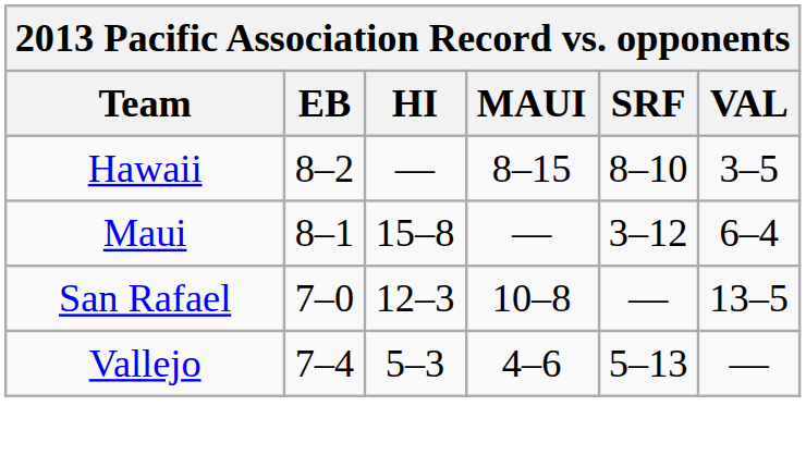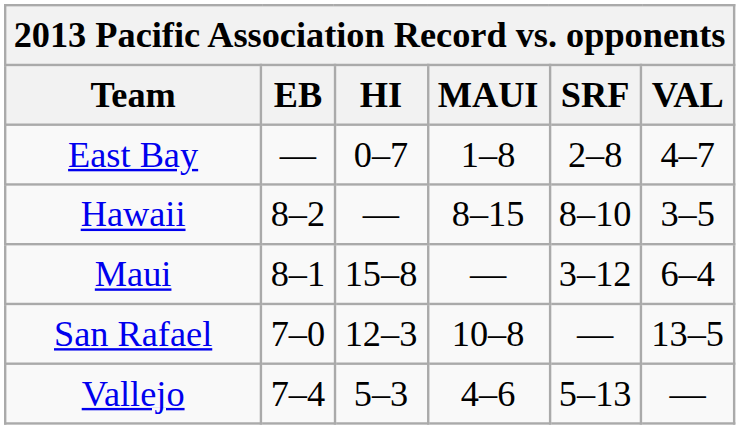 <table class="wikitable" style="font-size:95%; text-align:center;">
 <tr>
 <th colspan=6>2013 Pacific Association Record vs. opponents</th>
 </tr>
 <tr>
 <th style="width:100px;">Team</th>
 <th>EB</th>
 <th>HI</th>
 <th>MAUI</th>
 <th>SRF</th>
 <th>VAL</th>
+</tr>
+<tr>
+<td><a href='#'>East Bay</a></td>
+<td>—</td>
+<td>0–7</td>
+<td>1–8</td>
+<td>2–8</td>
+<td>4–7</td>
 </tr>
 <tr>
 <td><a href='#'>Hawaii</a></td>
 <td>8–2</td>
 <td>—</td>
 <td>8–15</td>
 <td>8–10</td>
 <td>3–5</td>
 </tr>
 <tr>
 <td><a href='#'>Maui</a></td>
 <td>8–1</td>
 <td>15–8</td>
 <td>—</td>
 <td>3–12</td>
 <td>6–4</td>
 </tr>
 <tr>
 <td><a href='#'>San Rafael</a></td>
 <td>7–0</td>
 <td>12–3</td>
 <td>10–8</td>
 <td>—</td>
 <td>13–5</td>
 </tr>
 <tr>
 <td><a href='#'>Vallejo</a></td>
 <td>7–4</td>
 <td>5–3</td>
 <td>4–6</td>
 <td>5–13</td>
 <td>—</td>
 </tr>
 </table>
